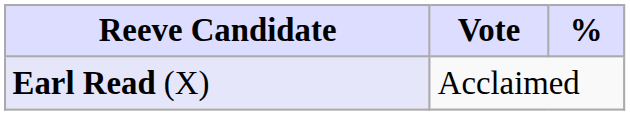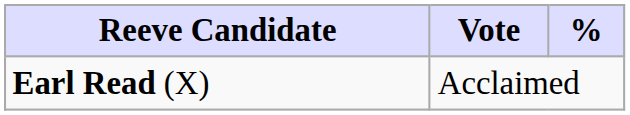 <table class="wikitable">
 <tr>
 <th style="background:#ddf; width:200px;">Reeve Candidate</th>
 <th style="background:#ddf; width:50px;">Vote</th>
 <th style="background:#ddf; width:30px;">%</th>
 </tr>
 <tr>
-<td style="background: lavender;"><strong>Earl Read</strong> (X)</td>
+<td><strong>Earl Read</strong> (X)</td>
 <td colspan="2">Acclaimed</td>
 </tr>
 </table>
